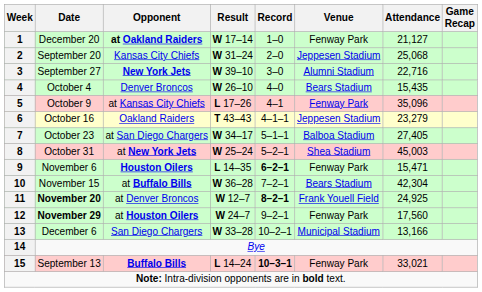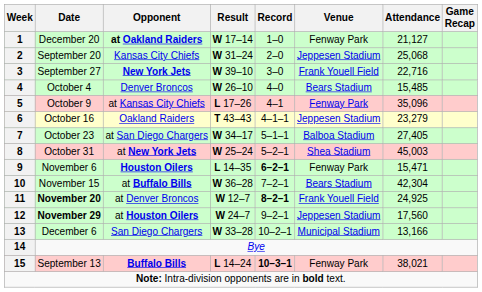 <table class="wikitable" style="text-align:center">
 <tr>
 <th>Week</th>
 <th>Date</th>
 <th>Opponent</th>
 <th>Result</th>
 <th>Record</th>
 <th>Venue</th>
 <th>Attendance</th>
 <th>Game<br>Recap</th>
 </tr>
 <tr style="background:#cfc">
 <th>1</th>
 <td>December 20</td>
 <td><strong>at <a href='#'>Oakland Raiders</a></strong></td>
 <td><strong>W</strong> 17–14</td>
 <td>1–0</td>
 <td>Fenway Park</td>
 <td>21,127</td>
 <td></td>
 </tr>
 <tr style="background:#cfc">
 <th>2</th>
 <td>September 20</td>
 <td><a href='#'>Kansas City Chiefs</a></td>
 <td><strong>W</strong> 31–24</td>
 <td>2–0</td>
 <td><a href='#'>Jeppesen Stadium</a></td>
 <td>25,068</td>
 <td></td>
 </tr>
 <tr style="background:#cfc">
 <th>3</th>
 <td>September 27</td>
 <td><strong><a href='#'>New York Jets</a></strong></td>
 <td><strong>W</strong> 39–10</td>
 <td>3–0</td>
-<td><a href='#'>Alumni Stadium</a></td>
+<td><a href='#'>Frank Youell Field</a></td>
 <td>22,716</td>
 <td></td>
 </tr>
 <tr style="background:#cfc">
 <th>4</th>
 <td>October 4</td>
 <td><a href='#'>Denver Broncos</a></td>
 <td><strong>W</strong> 26–10</td>
 <td>4–0</td>
 <td><a href='#'>Bears Stadium</a></td>
-<td>15,435</td>
+<td>15,485</td>
 <td></td>
 </tr>
 <tr style="background:#fcc">
 <th>5</th>
 <td>October 9</td>
 <td>at <a href='#'>Kansas City Chiefs</a></td>
 <td><strong>L</strong> 17–26</td>
 <td>4–1</td>
 <td><a href='#'>Fenway Park</a></td>
 <td>35,096</td>
 <td></td>
 </tr>
 <tr style="background:#ffc">
 <th>6</th>
 <td>October 16</td>
 <td><a href='#'>Oakland Raiders</a></td>
 <td><strong>T</strong> 43–43</td>
 <td>4–1–1</td>
 <td><a href='#'>Jeppesen Stadium</a></td>
 <td>23,279</td>
 <td></td>
 </tr>
 <tr style="background:#cfc">
 <th>7</th>
 <td>October 23</td>
 <td>at <a href='#'>San Diego Chargers</a></td>
 <td><strong>W</strong> 34–17</td>
 <td>5–1–1</td>
 <td><a href='#'>Balboa Stadium</a></td>
 <td>27,405</td>
 <td></td>
 </tr>
 <tr style="background:#fcc">
 <th>8</th>
 <td>October 31</td>
 <td>at <strong><a href='#'>New York Jets</a></strong></td>
 <td><strong>W</strong> 25–24</td>
 <td>5–2–1</td>
 <td><a href='#'>Shea Stadium</a></td>
 <td>45,003</td>
 <td></td>
 </tr>
 <tr style="background:#cfc">
 <th>9</th>
 <td>November 6</td>
 <td><strong><a href='#'>Houston Oilers</a></strong></td>
 <td><strong>L</strong> 14–35</td>
 <td><strong>6–2–1</strong></td>
 <td>Fenway Park</td>
 <td>15,471</td>
 <td></td>
 </tr>
 <tr style="background:#cfc">
 <th>10</th>
 <td>November 15</td>
 <td>at <strong><a href='#'>Buffalo Bills</a></strong></td>
 <td><strong>W</strong> 36–28</td>
 <td>7–2–1</td>
 <td><a href='#'>Bears Stadium</a></td>
 <td>42,304</td>
 <td></td>
 </tr>
 <tr style="background:#cfc">
 <th>11</th>
 <td><strong>November 20</strong></td>
 <td>at <a href='#'>Denver Broncos</a></td>
 <td><strong>W</strong> 12–7</td>
 <td><strong>8–2–1</strong></td>
 <td><a href='#'>Frank Youell Field</a></td>
 <td>24,925</td>
 <td></td>
 </tr>
 <tr style="background:#cfc">
 <th>12</th>
 <td><strong>November 29</strong></td>
 <td>at <strong><a href='#'>Houston Oilers</a></strong></td>
 <td><strong>W</strong> 24–7</td>
 <td>9–2–1</td>
-<td>Fenway Park</td>
+<td><a href='#'>Jeppesen Stadium</a></td>
 <td>17,560</td>
 <td></td>
 </tr>
 <tr style="background:#cfc">
 <th>13</th>
 <td>December 6</td>
 <td><a href='#'>San Diego Chargers</a></td>
 <td><strong>W</strong> 33–28</td>
 <td>10–2–1</td>
 <td><a href='#'>Municipal Stadium</a></td>
 <td>13,166</td>
 <td></td>
 </tr>
 <tr>
 <th>14</th>
 <td colspan="7"><em><a href='#'>Bye</a></em></td>
 </tr>
 <tr style="background:#fcc">
 <th>15</th>
 <td>September 13</td>
 <td><strong><a href='#'>Buffalo Bills</a></strong></td>
 <td><strong>L</strong> 14–24</td>
 <td><strong>10–3–1</strong></td>
 <td>Fenway Park</td>
-<td>33,021</td>
+<td>38,021</td>
 <td></td>
 </tr>
 <tr>
 <td colspan="8"><strong>Note:</strong> Intra-division opponents are in <strong>bold</strong> text.</td>
 </tr>
 </table>
